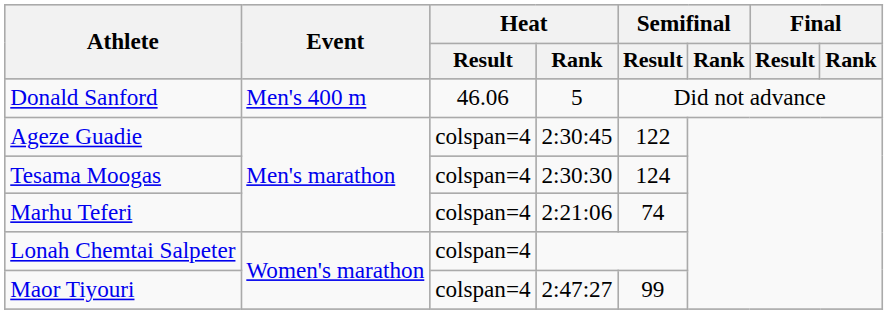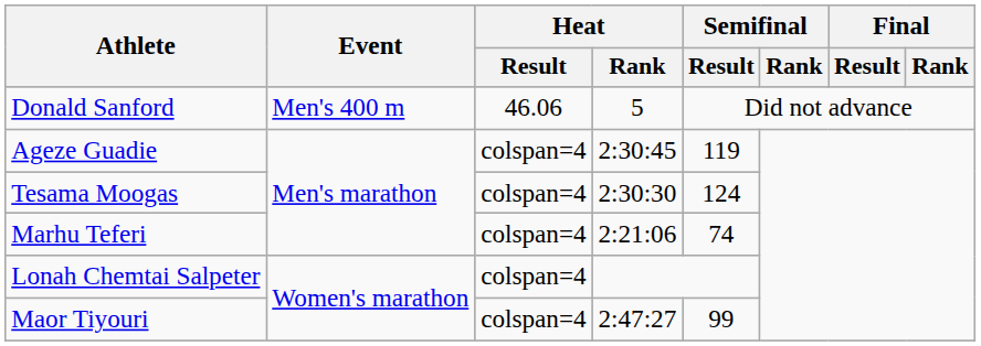 <table class=wikitable style="font-size:90%">
 <tr>
 <th rowspan="2">Athlete</th>
 <th rowspan="2">Event</th>
 <th colspan="2">Heat</th>
 <th colspan="2">Semifinal</th>
 <th colspan="2">Final</th>
 </tr>
 <tr style="font-size:95%">
 <th>Result</th>
 <th>Rank</th>
 <th>Result</th>
 <th>Rank</th>
 <th>Result</th>
 <th>Rank</th>
 </tr>
 <tr style="text-align:center;">
 <td align=left><a href='#'>Donald Sanford</a></td>
 <td align=left><a href='#'>Men's 400 m</a></td>
 <td>46.06</td>
 <td>5</td>
 <td colspan="4">Did not advance</td>
 </tr>
 <tr align=center>
 <td align=left><a href='#'>Ageze Guadie</a></td>
 <td rowspan="3" style="text-align:left;"><a href='#'>Men's marathon</a></td>
 <td>colspan=4 </td>
 <td>2:30:45</td>
-<td>122</td>
+<td>119</td>
 </tr>
 <tr align=center>
 <td align=left><a href='#'>Tesama Moogas</a></td>
 <td>colspan=4 </td>
 <td>2:30:30</td>
 <td>124</td>
 </tr>
 <tr>
 <td align=left><a href='#'>Marhu Teferi</a></td>
 <td>colspan=4 </td>
 <td>2:21:06</td>
 <td align=center>74</td>
 </tr>
 <tr align=center>
 <td align=left><a href='#'>Lonah Chemtai Salpeter</a></td>
 <td style="text-align:left;" rowspan="2"><a href='#'>Women's marathon</a></td>
 <td>colspan=4 </td>
 <td colspan="2"></td>
 </tr>
 <tr align=center>
 <td align=left><a href='#'>Maor Tiyouri</a></td>
 <td>colspan=4 </td>
 <td>2:47:27</td>
 <td>99</td>
 </tr>
 </table>
